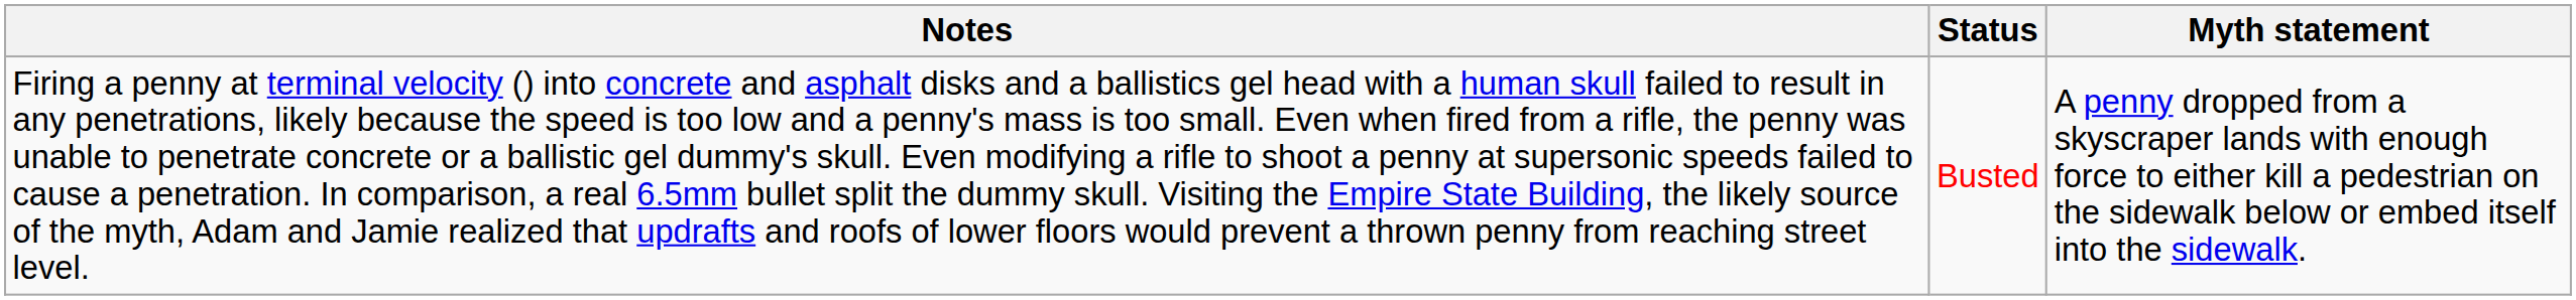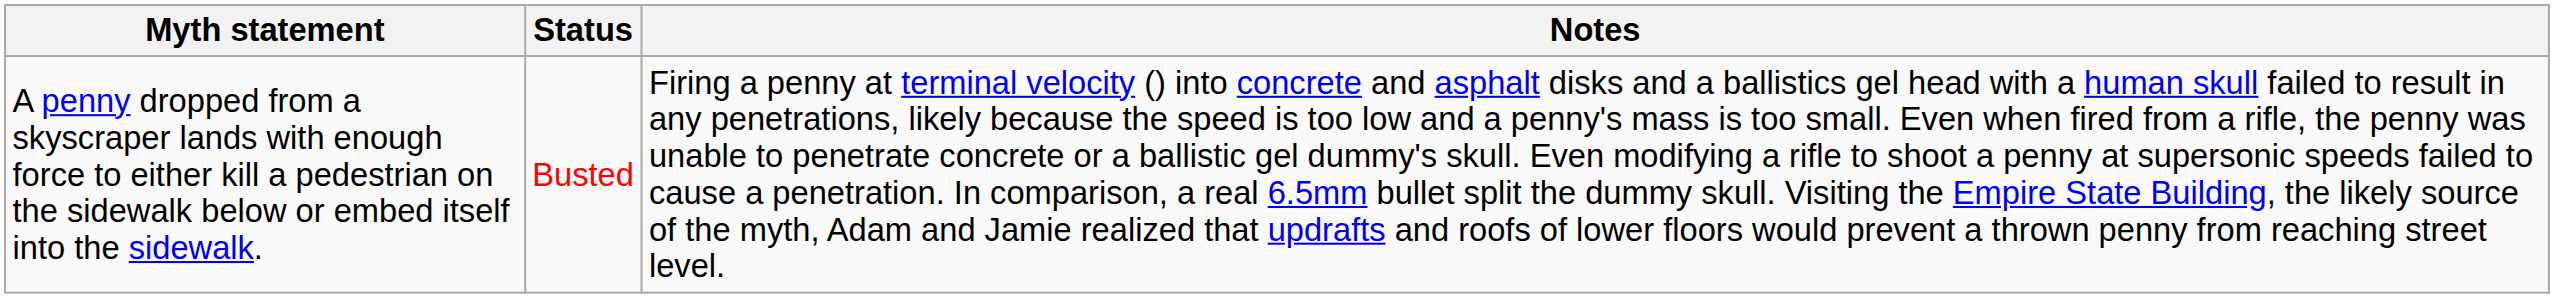 <table class="wikitable plainrowheaders">
 <tr>
+<th>Myth statement</th>
+<th>Status</th>
 <th>Notes</th>
-<th>Status</th>
-<th>Myth statement</th>
 </tr>
 <tr>
+<td>A <a href='#'>penny</a> dropped from a skyscraper lands with enough force to either kill a pedestrian on the sidewalk below or embed itself into the <a href='#'>sidewalk</a>.</td>
+<td style="color:red">Busted</td>
 <td>Firing a penny at <a href='#'>terminal velocity</a> () into <a href='#'>concrete</a> and <a href='#'>asphalt</a> disks and a ballistics gel head with a <a href='#'>human skull</a> failed to result in any penetrations, likely because the speed is too low and a penny's mass is too small. Even when fired from a rifle, the penny was unable to penetrate concrete or a ballistic gel dummy's skull. Even modifying a rifle to shoot a penny at supersonic speeds failed to cause a penetration. In comparison, a real <a href='#'>6.5mm</a> bullet split the dummy skull. Visiting the <a href='#'>Empire State Building</a>, the likely source of the myth, Adam and Jamie realized that <a href='#'>updrafts</a> and roofs of lower floors would prevent a thrown penny from reaching street level.</td>
-<td style="color:red">Busted</td>
-<td>A <a href='#'>penny</a> dropped from a skyscraper lands with enough force to either kill a pedestrian on the sidewalk below or embed itself into the <a href='#'>sidewalk</a>.</td>
 </tr>
 </table>
